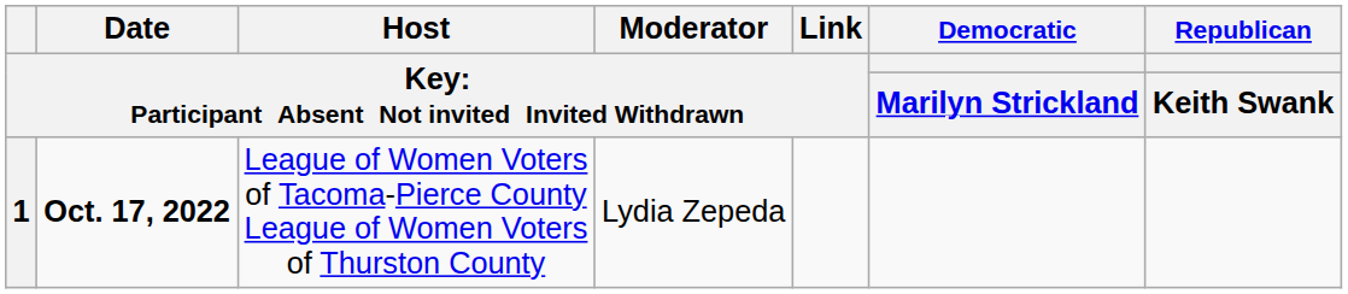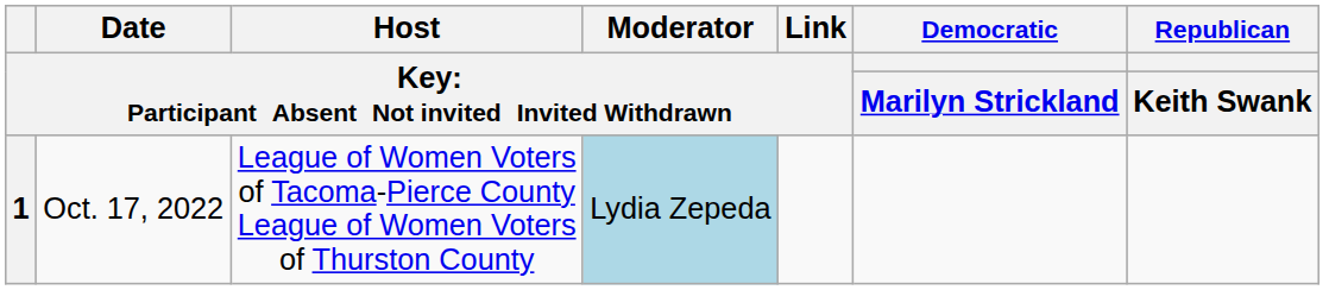 <table class="wikitable" style="text-align:center;">
 <tr>
 <th scope="col"></th>
 <th scope="col">Date</th>
 <th scope="col">Host</th>
 <th scope="col">Moderator</th>
 <th scope="col">Link</th>
 <th scope="col"><small><a href='#'>Democratic</a></small></th>
 <th scope="col"><small><a href='#'>Republican</a></small></th>
 </tr>
 <tr>
 <th colspan="5" rowspan="2">Key:<br> <small>Participant </small>  <small>Absent </small>  <small>Not invited </small>  <small>Invited  Withdrawn</small></th>
 <th scope="col" style="background:"></th>
 <th scope="col" style="background:"></th>
 </tr>
 <tr>
 <th scope="col"><a href='#'>Marilyn Strickland</a></th>
 <th scope="col">Keith Swank</th>
 </tr>
 <tr>
 <th>1</th>
-<td style="white-space:nowrap;"><strong>Oct. 17, 2022</strong></td>
+<td style="white-space:nowrap;">Oct. 17, 2022</td>
 <td style="white-space:nowrap;"><a href='#'>League of Women Voters</a><br>of <a href='#'>Tacoma</a>-<a href='#'>Pierce County</a><br><a href='#'>League of Women Voters</a><br>of <a href='#'>Thurston County</a></td>
-<td style="white-space:nowrap;">Lydia Zepeda</td>
+<td style="background: lightblue; white-space:nowrap;">Lydia Zepeda</td>
 <td style="white-space:nowrap;"></td>
 <td></td>
 <td></td>
 </tr>
 </table>
